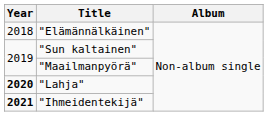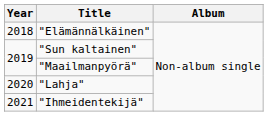 <table class="wikitable">
 <tr>
 <th>Year</th>
 <th>Title</th>
 <th>Album</th>
 </tr>
 <tr>
 <td>2018</td>
 <td>"Elämännälkäinen"</td>
 <td rowspan="5">Non-album single</td>
 </tr>
 <tr>
 <td rowspan="2">2019</td>
 <td>"Sun kaltainen"</td>
 </tr>
 <tr>
 <td>"Maailmanpyörä"</td>
 </tr>
 <tr>
-<td><strong>2020</strong></td>
+<td>2020</td>
 <td>"Lahja"</td>
 </tr>
 <tr>
-<td><strong>2021</strong></td>
+<td>2021</td>
 <td>"Ihmeidentekijä"</td>
 </tr>
 </table>
